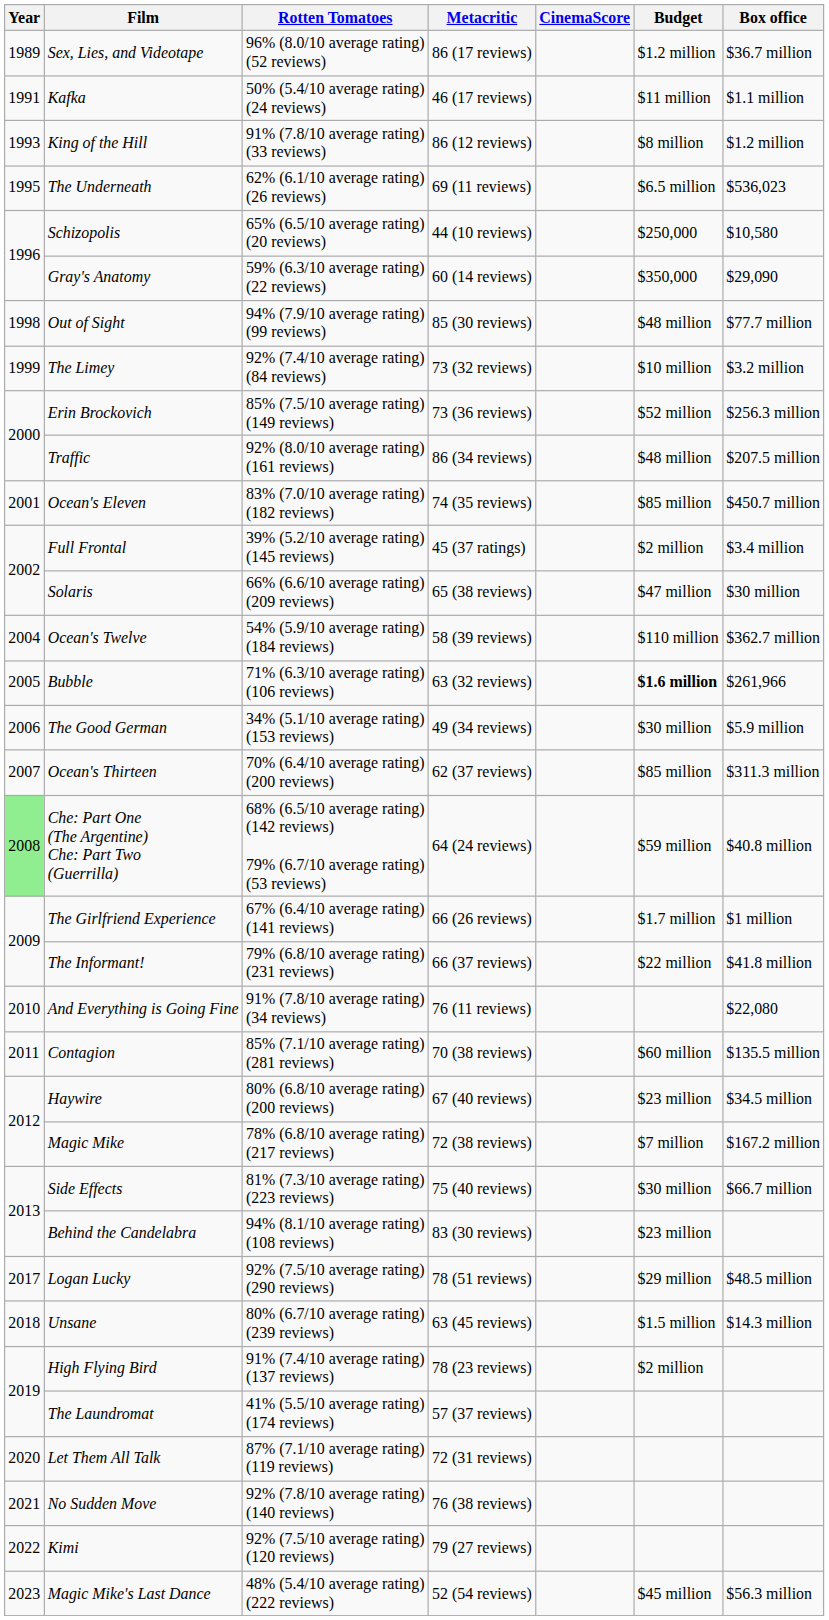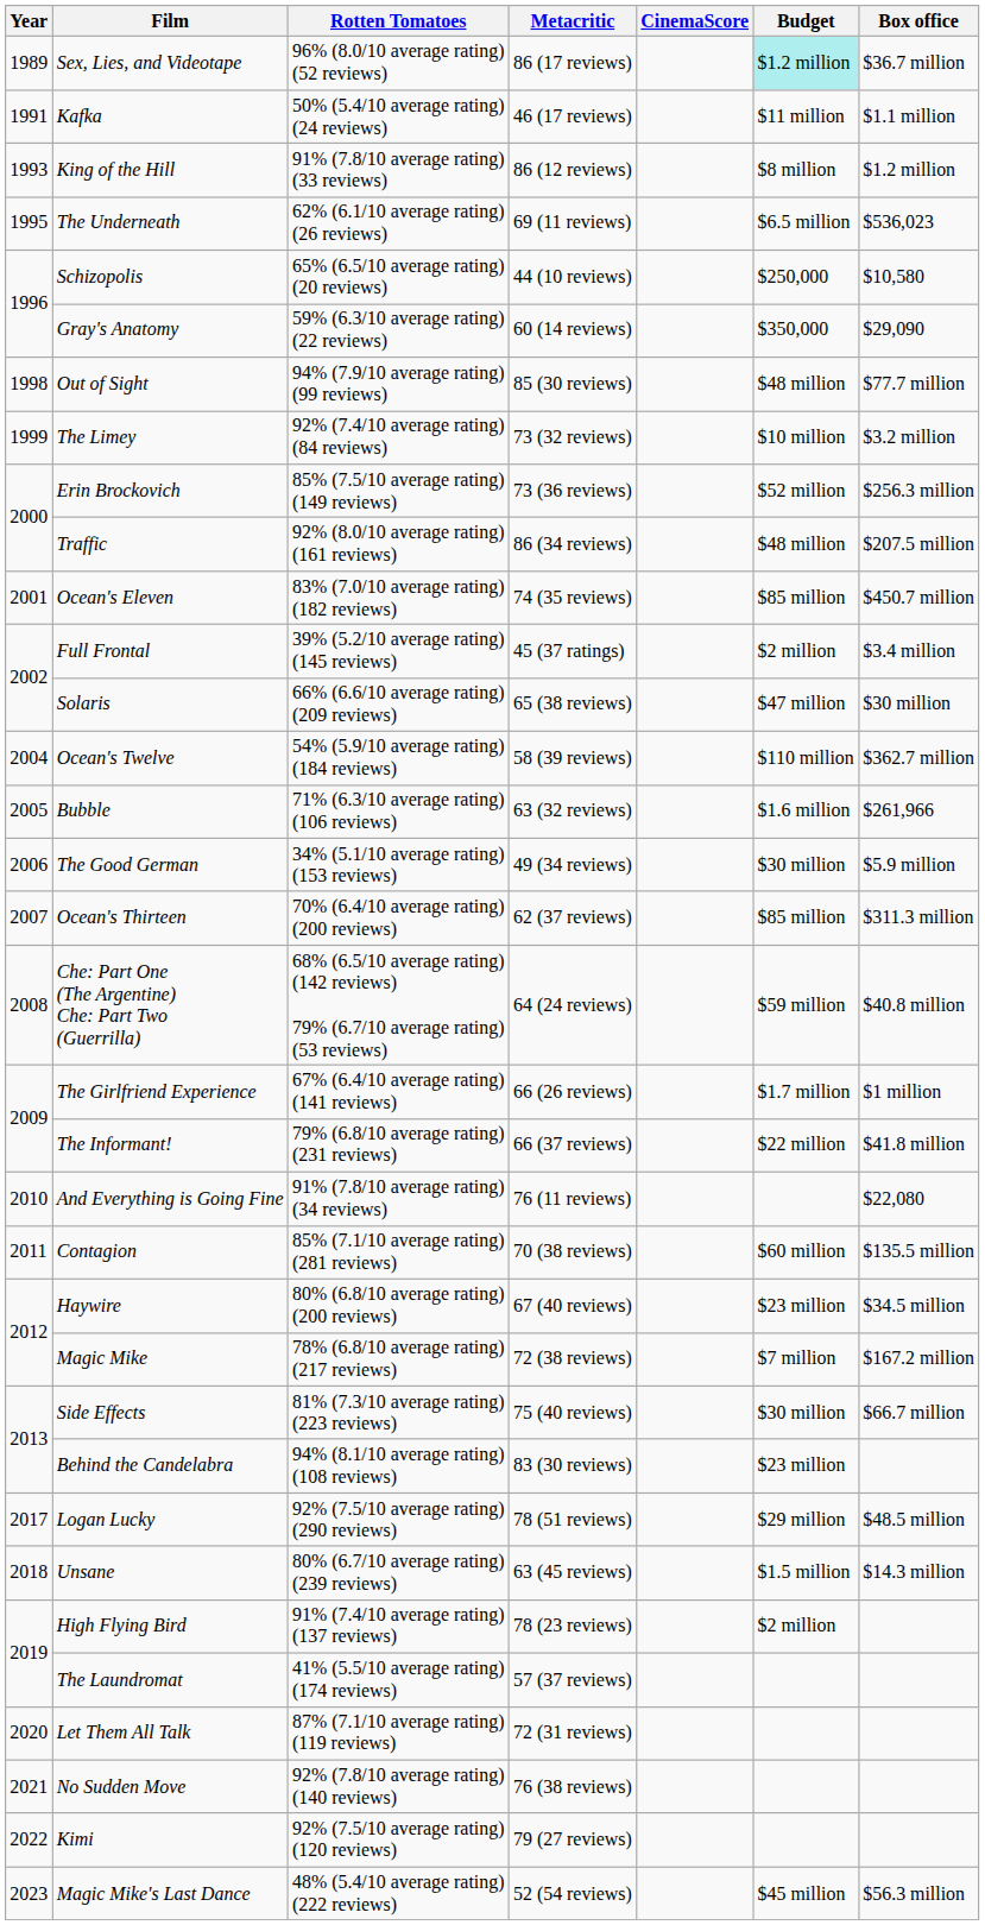 <table class="wikitable sortable" style="font-size:85%">
 <tr>
 <th>Year</th>
 <th>Film</th>
 <th><a href='#'>Rotten Tomatoes</a></th>
 <th><a href='#'>Metacritic</a></th>
 <th><a href='#'>CinemaScore</a></th>
 <th>Budget</th>
 <th>Box office</th>
 </tr>
 <tr>
 <td>1989</td>
 <td><em>Sex, Lies, and Videotape</em></td>
 <td>96% (8.0/10 average rating)<br>(52 reviews)</td>
 <td>86 (17 reviews)</td>
 <td></td>
-<td>$1.2 million</td>
+<td style="background: paleturquoise;">$1.2 million</td>
 <td>$36.7 million</td>
 </tr>
 <tr>
 <td>1991</td>
 <td><em>Kafka</em></td>
 <td>50% (5.4/10 average rating)<br>(24 reviews)</td>
 <td>46 (17 reviews)</td>
 <td></td>
 <td>$11 million</td>
 <td>$1.1 million</td>
 </tr>
 <tr>
 <td>1993</td>
 <td><em>King of the Hill</em></td>
 <td>91% (7.8/10 average rating)<br>(33 reviews)</td>
 <td>86 (12 reviews)</td>
 <td></td>
 <td>$8 million</td>
 <td>$1.2 million</td>
 </tr>
 <tr>
 <td>1995</td>
 <td><em>The Underneath</em></td>
 <td>62% (6.1/10 average rating)<br>(26 reviews)</td>
 <td>69 (11 reviews)</td>
 <td></td>
 <td>$6.5 million</td>
 <td>$536,023</td>
 </tr>
 <tr>
 <td rowspan=2>1996</td>
 <td><em>Schizopolis</em></td>
 <td>65% (6.5/10 average rating)<br>(20 reviews)</td>
 <td>44 (10 reviews)</td>
 <td></td>
 <td>$250,000</td>
 <td>$10,580</td>
 </tr>
 <tr>
 <td><em>Gray's Anatomy</em></td>
 <td>59% (6.3/10 average rating)<br>(22 reviews)</td>
 <td>60 (14 reviews)</td>
 <td></td>
 <td>$350,000</td>
 <td>$29,090</td>
 </tr>
 <tr>
 <td>1998</td>
 <td><em>Out of Sight</em></td>
 <td>94% (7.9/10 average rating)<br>(99 reviews)</td>
 <td>85 (30 reviews)</td>
 <td></td>
 <td>$48 million</td>
 <td>$77.7 million</td>
 </tr>
 <tr>
 <td>1999</td>
 <td><em>The Limey</em></td>
 <td>92% (7.4/10 average rating)<br>(84 reviews)</td>
 <td>73 (32 reviews)</td>
 <td></td>
 <td>$10 million</td>
 <td>$3.2 million</td>
 </tr>
 <tr>
 <td rowspan=2>2000</td>
 <td><em>Erin Brockovich</em></td>
 <td>85% (7.5/10 average rating)<br>(149 reviews)</td>
 <td>73 (36 reviews)</td>
 <td></td>
 <td>$52 million</td>
 <td>$256.3 million</td>
 </tr>
 <tr>
 <td><em>Traffic</em></td>
 <td>92% (8.0/10 average rating)<br>(161 reviews)</td>
 <td>86 (34 reviews)</td>
 <td></td>
 <td>$48 million</td>
 <td>$207.5 million</td>
 </tr>
 <tr>
 <td>2001</td>
 <td><em>Ocean's Eleven</em></td>
 <td>83% (7.0/10 average rating)<br>(182 reviews)</td>
 <td>74 (35 reviews)</td>
 <td></td>
 <td>$85 million</td>
 <td>$450.7 million</td>
 </tr>
 <tr>
 <td rowspan=2>2002</td>
 <td><em>Full Frontal</em></td>
 <td>39% (5.2/10 average rating)<br>(145 reviews)</td>
 <td>45 (37 ratings)</td>
 <td></td>
 <td>$2 million</td>
 <td>$3.4 million</td>
 </tr>
 <tr>
 <td><em>Solaris</em></td>
 <td>66% (6.6/10 average rating)<br>(209 reviews)</td>
 <td>65 (38 reviews)</td>
 <td></td>
 <td>$47 million</td>
 <td>$30 million</td>
 </tr>
 <tr>
 <td>2004</td>
 <td><em>Ocean's Twelve</em></td>
 <td>54% (5.9/10 average rating)<br>(184 reviews)</td>
 <td>58 (39 reviews)</td>
 <td></td>
 <td>$110 million</td>
 <td>$362.7 million</td>
 </tr>
 <tr>
 <td>2005</td>
 <td><em>Bubble</em></td>
 <td>71% (6.3/10 average rating)<br>(106 reviews)</td>
 <td>63 (32 reviews)</td>
 <td></td>
-<td><strong>$1.6 million</strong></td>
+<td>$1.6 million</td>
 <td>$261,966</td>
 </tr>
 <tr>
 <td>2006</td>
 <td><em>The Good German</em></td>
 <td>34% (5.1/10 average rating)<br>(153 reviews)</td>
 <td>49 (34 reviews)</td>
 <td></td>
 <td>$30 million</td>
 <td>$5.9 million</td>
 </tr>
 <tr>
 <td>2007</td>
 <td><em>Ocean's Thirteen</em></td>
 <td>70% (6.4/10 average rating)<br>(200 reviews)</td>
 <td>62 (37 reviews)</td>
 <td></td>
 <td>$85 million</td>
 <td>$311.3 million</td>
 </tr>
 <tr>
-<td style="background: lightgreen;">2008</td>
+<td>2008</td>
 <td><em>Che: Part One<br> (The Argentine)</em><br><em>Che: Part Two<br> (Guerrilla)</em></td>
 <td>68% (6.5/10 average rating)<br>(142 reviews)<br><br>79% (6.7/10 average rating)<br>(53 reviews)</td>
 <td>64 (24 reviews)</td>
 <td></td>
 <td>$59 million</td>
 <td>$40.8 million</td>
 </tr>
 <tr>
 <td rowspan=2>2009</td>
 <td><em>The Girlfriend Experience</em></td>
 <td>67% (6.4/10 average rating)<br>(141 reviews)</td>
 <td>66 (26 reviews)</td>
 <td></td>
 <td>$1.7 million</td>
 <td>$1 million</td>
 </tr>
 <tr>
 <td><em>The Informant!</em></td>
 <td>79% (6.8/10 average rating)<br> (231 reviews)</td>
 <td>66 (37 reviews)</td>
 <td></td>
 <td>$22 million</td>
 <td>$41.8 million</td>
 </tr>
 <tr>
 <td>2010</td>
 <td><em>And Everything is Going Fine</em></td>
 <td>91% (7.8/10 average rating)<br>(34 reviews)</td>
 <td>76 (11 reviews)</td>
 <td></td>
 <td></td>
 <td>$22,080</td>
 </tr>
 <tr>
 <td>2011</td>
 <td><em>Contagion</em></td>
 <td>85% (7.1/10 average rating)<br>(281 reviews)</td>
 <td>70 (38 reviews)</td>
 <td></td>
 <td>$60 million</td>
 <td>$135.5 million</td>
 </tr>
 <tr>
 <td rowspan=2>2012</td>
 <td><em>Haywire</em></td>
 <td>80% (6.8/10 average rating)<br>(200 reviews)</td>
 <td>67 (40 reviews)</td>
 <td></td>
 <td>$23 million</td>
 <td>$34.5 million</td>
 </tr>
 <tr>
 <td><em>Magic Mike</em></td>
 <td>78% (6.8/10 average rating)<br>(217 reviews)</td>
 <td>72 (38 reviews)</td>
 <td></td>
 <td>$7 million</td>
 <td>$167.2 million</td>
 </tr>
 <tr>
 <td rowspan=2>2013</td>
 <td><em>Side Effects</em></td>
 <td>81% (7.3/10 average rating)<br>(223 reviews)</td>
 <td>75 (40 reviews)</td>
 <td></td>
 <td>$30 million</td>
 <td>$66.7 million</td>
 </tr>
 <tr>
 <td><em>Behind the Candelabra</em></td>
 <td>94% (8.1/10 average rating)<br>(108 reviews)</td>
 <td>83 (30 reviews)</td>
 <td></td>
 <td>$23 million</td>
 <td></td>
 </tr>
 <tr>
 <td>2017</td>
 <td><em>Logan Lucky</em></td>
 <td>92% (7.5/10 average rating)<br>(290 reviews)</td>
 <td>78 (51 reviews)</td>
 <td></td>
 <td>$29 million</td>
 <td>$48.5 million</td>
 </tr>
 <tr>
 <td>2018</td>
 <td><em>Unsane</em></td>
 <td>80% (6.7/10 average rating)<br>(239 reviews)</td>
 <td>63 (45 reviews)</td>
 <td></td>
 <td>$1.5 million</td>
 <td>$14.3 million</td>
 </tr>
 <tr>
 <td rowspan=2>2019</td>
 <td><em>High Flying Bird</em></td>
 <td>91% (7.4/10 average rating)<br>(137 reviews)</td>
 <td>78 (23 reviews)</td>
 <td></td>
 <td>$2 million</td>
 <td></td>
 </tr>
 <tr>
 <td><em>The Laundromat</em></td>
 <td>41% (5.5/10 average rating)<br>(174 reviews)</td>
 <td>57 (37 reviews)</td>
 <td></td>
 <td></td>
 <td></td>
 </tr>
 <tr>
 <td>2020</td>
 <td><em>Let Them All Talk</em></td>
 <td>87% (7.1/10 average rating)<br>(119 reviews)</td>
 <td>72 (31 reviews)</td>
 <td></td>
 <td></td>
 <td></td>
 </tr>
 <tr>
 <td>2021</td>
 <td><em>No Sudden Move</em></td>
 <td>92% (7.8/10 average rating)<br>(140 reviews)</td>
 <td>76 (38 reviews)</td>
 <td></td>
 <td></td>
 <td></td>
 </tr>
 <tr>
 <td>2022</td>
 <td><em>Kimi</em></td>
 <td>92% (7.5/10 average rating)<br>(120 reviews)</td>
 <td>79 (27 reviews)</td>
 <td></td>
 <td></td>
 <td></td>
 </tr>
 <tr>
 <td>2023</td>
 <td><em>Magic Mike's Last Dance</em></td>
 <td>48% (5.4/10 average rating)<br>(222 reviews)</td>
 <td>52 (54 reviews)</td>
 <td></td>
 <td>$45 million</td>
 <td>$56.3 million</td>
 </tr>
 </table>
